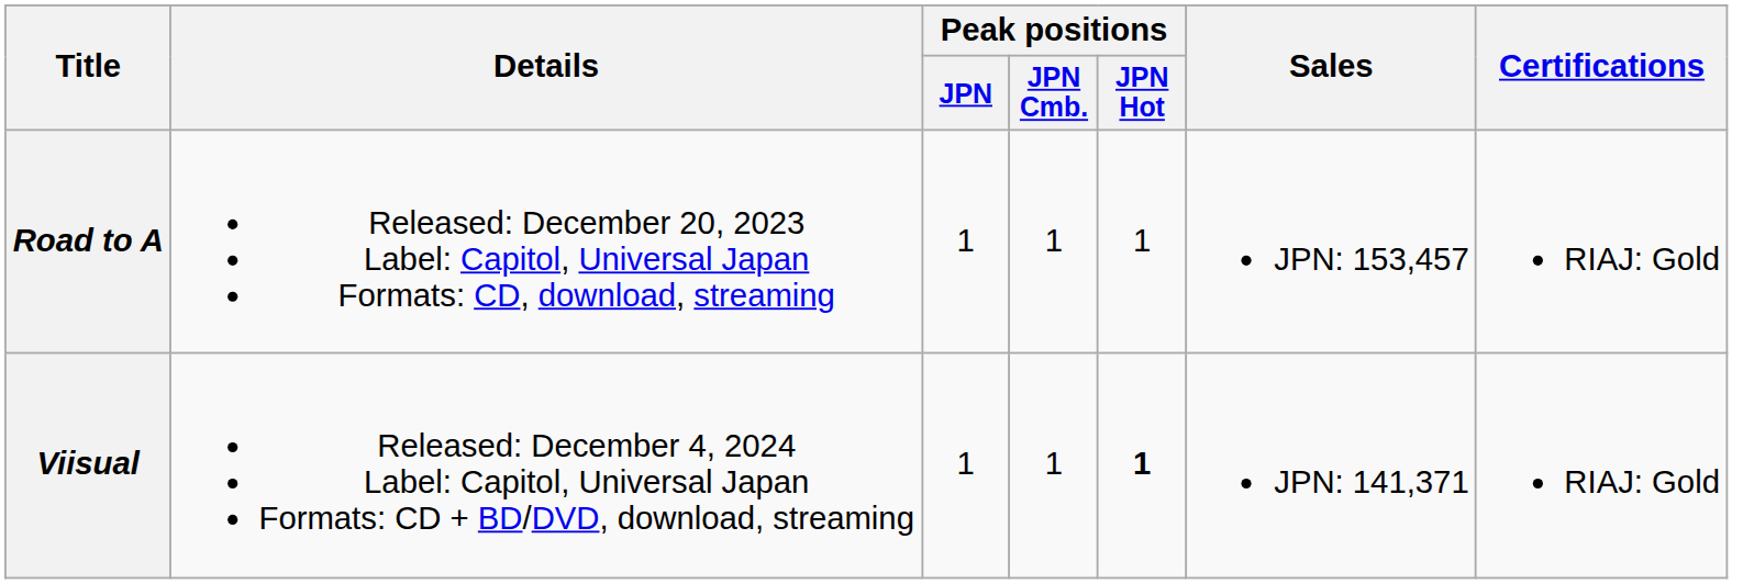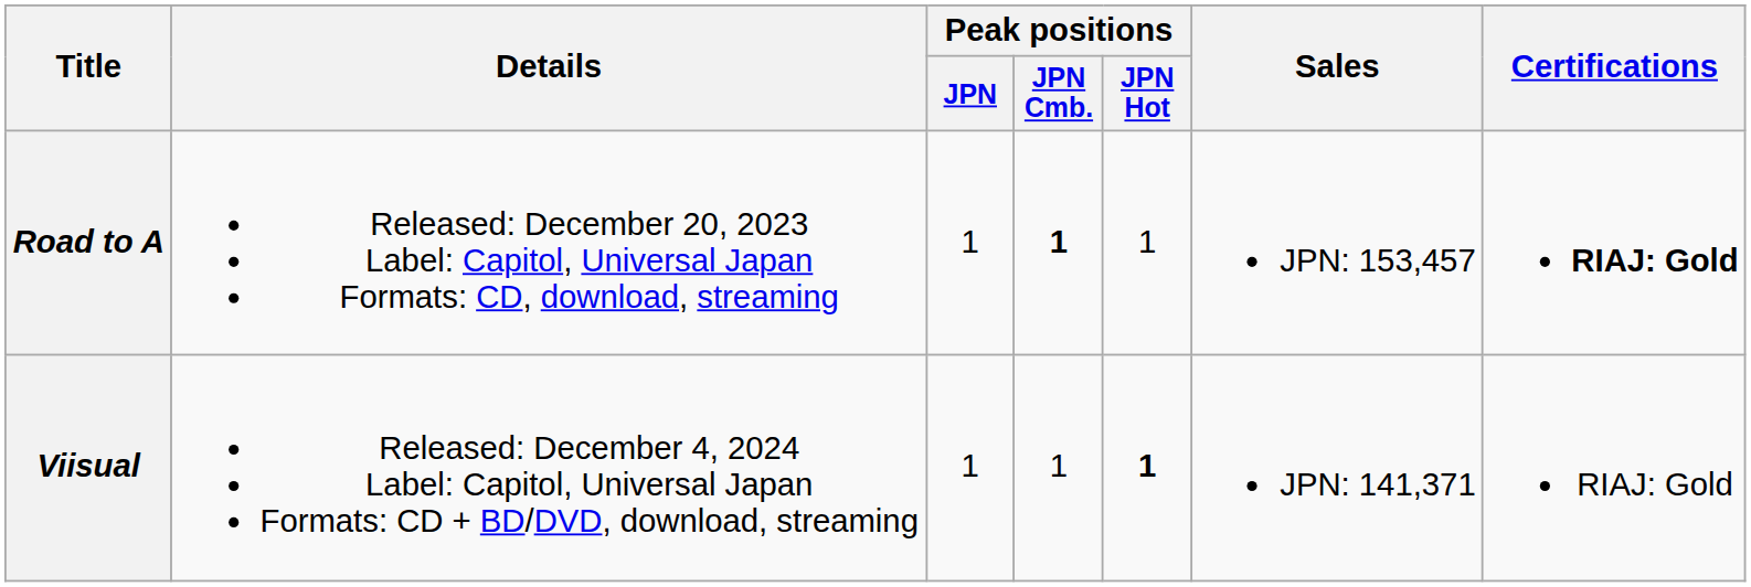 <table class="wikitable plainrowheaders" style="text-align:center;">
 <tr>
 <th scope="col" rowspan="2">Title</th>
 <th scope="col" rowspan="2">Details</th>
 <th scope="col" colspan="3">Peak positions</th>
 <th scope="col" rowspan="2">Sales</th>
 <th scope="col" rowspan="2"><a href='#'>Certifications</a></th>
 </tr>
 <tr>
 <th scope="col" style="width:2.75em;font-size:85%;"><a href='#'>JPN</a><br></th>
 <th scope="col" style="width:2.75em;font-size:85%;"><a href='#'>JPN<br>Cmb.</a><br></th>
 <th scope="col" style="width:2.75em;font-size:85%;"><a href='#'>JPN<br>Hot</a><br></th>
 </tr>
 <tr>
 <th scope="row"><em>Road to A</em></th>
 <td><br><ul><li>Released: December 20, 2023</li><li>Label: <a href='#'>Capitol</a>, <a href='#'>Universal Japan</a></li><li>Formats: <a href='#'>CD</a>, <a href='#'>download</a>, <a href='#'>streaming</a></li></ul></td>
 <td>1</td>
-<td>1</td>
+<td><strong>1</strong></td>
 <td>1</td>
 <td><br><ul><li>JPN: 153,457</li></ul></td>
-<td><br><ul><li>RIAJ: Gold </li></ul></td>
+<td><strong><br><ul><li>RIAJ: Gold </li></ul></strong></td>
 </tr>
 <tr>
 <th scope="row"><em>Viisual</em></th>
 <td><br><ul><li>Released: December 4, 2024</li><li>Label: Capitol, Universal Japan</li><li>Formats: CD + <a href='#'>BD</a>/<a href='#'>DVD</a>, download, streaming</li></ul></td>
 <td>1</td>
 <td>1</td>
 <td><strong>1</strong></td>
 <td><br><ul><li>JPN: 141,371</li></ul></td>
 <td><br><ul><li>RIAJ: Gold </li></ul></td>
 </tr>
 </table>
